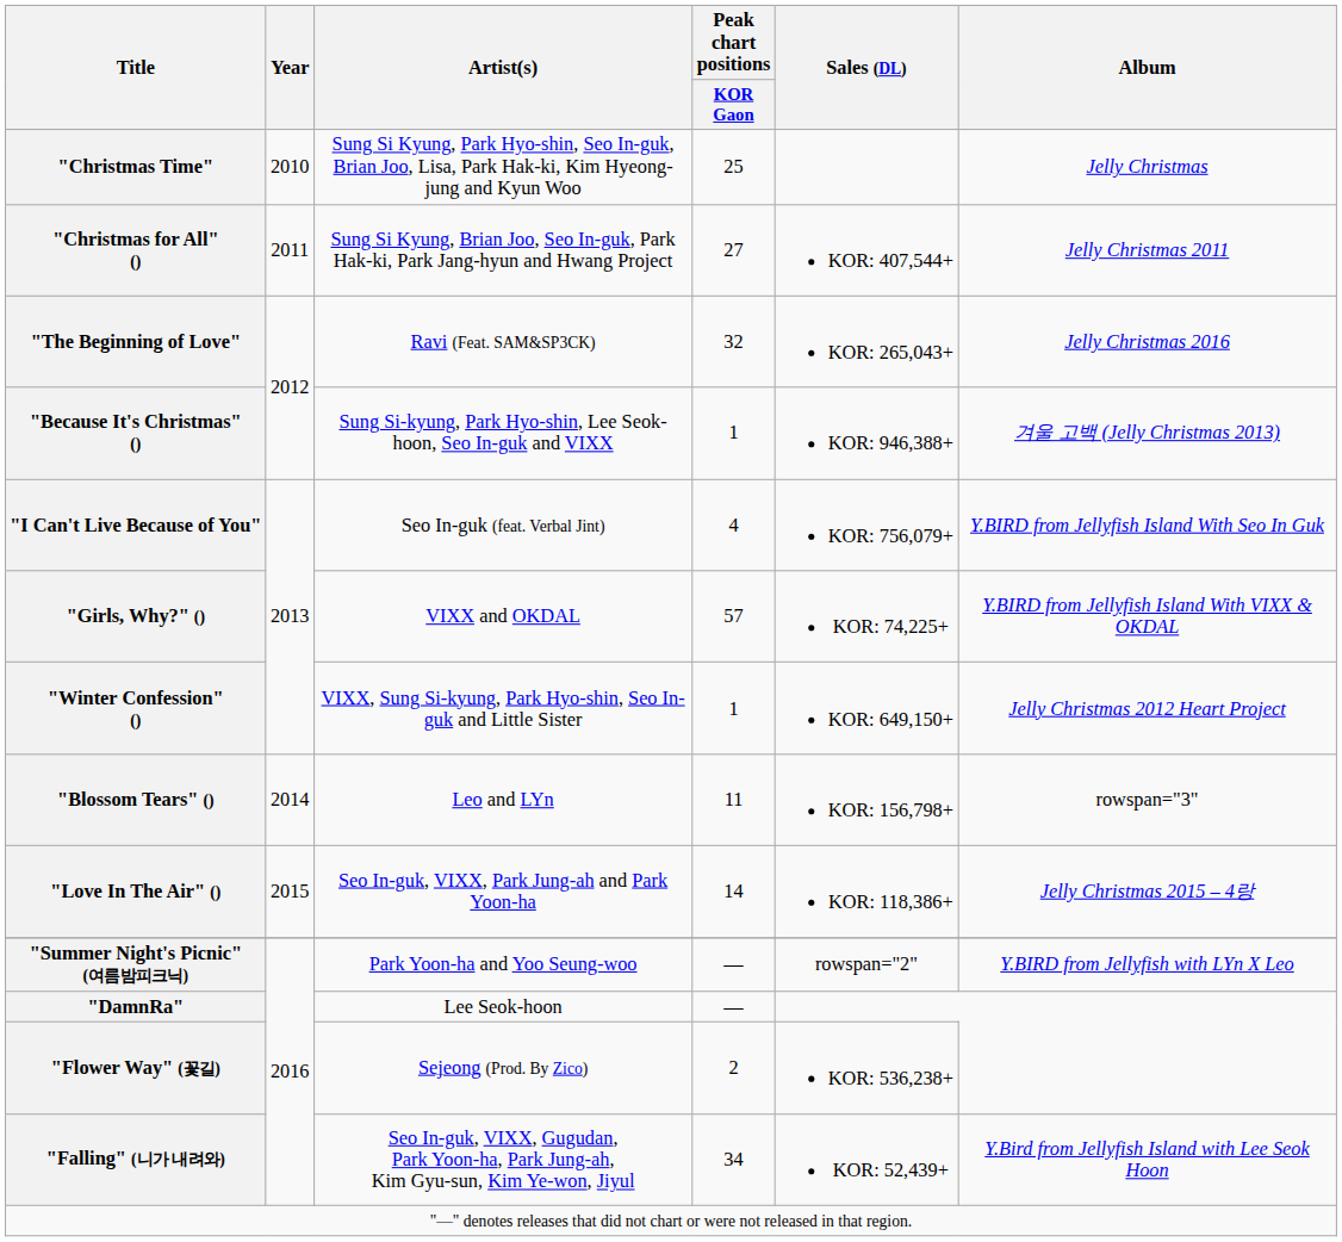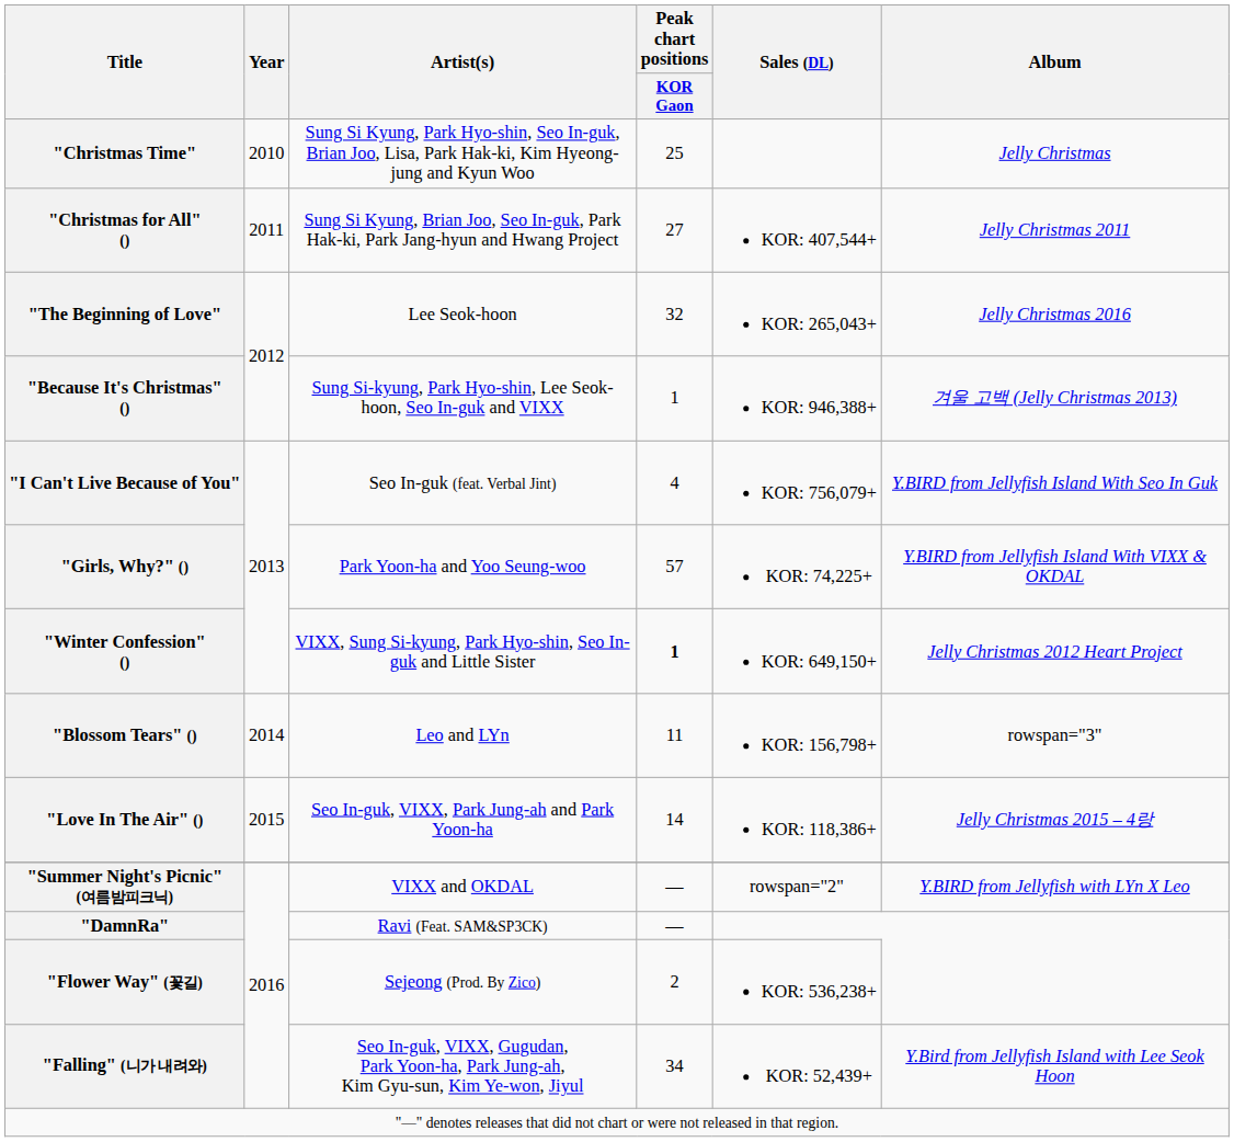 <table class="wikitable plainrowheaders" style="text-align:center;">
 <tr>
 <th scope="col" rowspan=2>Title</th>
 <th scope="col" rowspan=2>Year</th>
 <th scope="col" rowspan=2 style="width:19em;">Artist(s)</th>
 <th colspan="1" scope="col">Peak chart positions</th>
 <th scope="col" rowspan=2>Sales <small>(<a href='#'>DL</a>)</small></th>
 <th scope="col" rowspan=2 style="width:19em;">Album</th>
 </tr>
 <tr>
 <th scope="col" style="width:3em;font-size:90%;"><a href='#'>KOR<br>Gaon</a><br></th>
 </tr>
 <tr>
 <th scope=row>"Christmas Time"</th>
 <td>2010</td>
 <td><a href='#'>Sung Si Kyung</a>, <a href='#'>Park Hyo-shin</a>, <a href='#'>Seo In-guk</a>, <a href='#'>Brian Joo</a>, Lisa, Park Hak-ki, Kim Hyeong-jung and Kyun Woo</td>
 <td>25</td>
 <td></td>
 <td><em><a href='#'>Jelly Christmas</a></em></td>
 </tr>
 <tr>
 <th scope=row>"Christmas for All"<br><small>()</small></th>
 <td>2011</td>
 <td><a href='#'>Sung Si Kyung</a>, <a href='#'>Brian Joo</a>, <a href='#'>Seo In-guk</a>, Park Hak-ki, Park Jang-hyun and Hwang Project</td>
 <td>27</td>
 <td><br><ul><li>KOR: 407,544+</li></ul></td>
 <td><em><a href='#'>Jelly Christmas 2011</a></em></td>
 </tr>
 <tr>
 <th scope=row>"The Beginning of Love"</th>
 <td rowspan="2">2012</td>
-<td><a href='#'>Ravi</a> <small>(Feat. SAM&SP3CK)</small></td>
+<td>Lee Seok-hoon</td>
 <td>32</td>
 <td><br><ul><li>KOR: 265,043+</li></ul></td>
 <td><em><a href='#'>Jelly Christmas 2016</a></em></td>
 </tr>
 <tr>
 <th scope=row>"Because It's Christmas"<br><small>()</small></th>
 <td><a href='#'>Sung Si-kyung</a>, <a href='#'>Park Hyo-shin</a>, Lee Seok-hoon, <a href='#'>Seo In-guk</a> and <a href='#'>VIXX</a></td>
 <td>1</td>
 <td><br><ul><li>KOR: 946,388+</li></ul></td>
 <td><em><a href='#'>겨울 고백 (Jelly Christmas 2013)</a></em></td>
 </tr>
 <tr>
 <th scope=row>"I Can't Live Because of You"</th>
 <td rowspan="3">2013</td>
 <td>Seo In-guk  <small>(feat. Verbal Jint)</small></td>
 <td>4</td>
 <td><br><ul><li>KOR: 756,079+</li></ul></td>
 <td><em><a href='#'>Y.BIRD from Jellyfish Island With Seo In Guk</a></em></td>
 </tr>
 <tr>
 <th scope=row>"Girls, Why?" <small>()</small></th>
-<td><a href='#'>VIXX</a> and <a href='#'>OKDAL</a></td>
+<td><a href='#'>Park Yoon-ha</a> and <a href='#'>Yoo Seung-woo</a></td>
 <td>57</td>
 <td><br><ul><li>KOR: 74,225+</li></ul></td>
 <td><em><a href='#'>Y.BIRD from Jellyfish Island With VIXX & OKDAL</a></em></td>
 </tr>
 <tr>
 <th scope=row>"Winter Confession"<br><small>()</small></th>
 <td><a href='#'>VIXX</a>, <a href='#'>Sung Si-kyung</a>, <a href='#'>Park Hyo-shin</a>, <a href='#'>Seo In-guk</a> and Little Sister</td>
-<td>1</td>
+<td><strong>1</strong></td>
 <td><br><ul><li>KOR: 649,150+</li></ul></td>
 <td><em><a href='#'>Jelly Christmas 2012 Heart Project</a></em></td>
 </tr>
 <tr>
 <th scope=row>"Blossom Tears" <small>()</small></th>
 <td>2014</td>
 <td><a href='#'>Leo</a> and <a href='#'>LYn</a></td>
 <td>11</td>
 <td><br><ul><li>KOR: 156,798+</li></ul></td>
 <td>rowspan="3" </td>
 </tr>
 <tr>
 <th scope=row>"Love In The Air" <small>()</small></th>
 <td>2015</td>
 <td><a href='#'>Seo In-guk</a>, <a href='#'>VIXX</a>, <a href='#'>Park Jung-ah</a> and <a href='#'>Park Yoon-ha</a></td>
 <td>14</td>
 <td><br><ul><li>KOR: 118,386+</li></ul></td>
 <td><em><a href='#'>Jelly Christmas 2015 – 4랑</a></em></td>
 </tr>
 <tr>
 </tr>
 <tr>
 <th scope=row>"Summer Night's Picnic"<br><small>(여름밤피크닉)</small></th>
 <td rowspan="4">2016</td>
-<td><a href='#'>Park Yoon-ha</a> and <a href='#'>Yoo Seung-woo</a></td>
+<td><a href='#'>VIXX</a> and <a href='#'>OKDAL</a></td>
 <td>—</td>
 <td>rowspan="2" </td>
 <td><em><a href='#'>Y.BIRD from Jellyfish with LYn X Leo</a></em></td>
 </tr>
 <tr>
 <th scope=row>"DamnRa"</th>
-<td>Lee Seok-hoon</td>
+<td><a href='#'>Ravi</a> <small>(Feat. SAM&SP3CK)</small></td>
 <td>—</td>
 </tr>
 <tr>
 <th scope=row>"Flower Way" <small>(꽃길)</small></th>
 <td><a href='#'>Sejeong</a> <small>(Prod. By <a href='#'>Zico</a>)</small></td>
 <td>2</td>
 <td><br><ul><li>KOR: 536,238+</li></ul></td>
 </tr>
 <tr>
 <th scope=row>"Falling" <small>(니가 내려와)</small></th>
 <td><a href='#'>Seo In-guk</a>, <a href='#'>VIXX</a>, <a href='#'>Gugudan</a>,<br><a href='#'>Park Yoon-ha</a>,  <a href='#'>Park Jung-ah</a>,<br>  Kim Gyu-sun, <a href='#'>Kim Ye-won</a>, <a href='#'>Jiyul</a></td>
 <td>34</td>
 <td><br><ul><li>KOR: 52,439+</li></ul></td>
 <td><em><a href='#'>Y.Bird from Jellyfish Island with Lee Seok Hoon</a></em></td>
 </tr>
 <tr>
 <td colspan="7" align="center"><small>"—" denotes releases that did not chart or were not released in that region.</small></td>
 </tr>
 </table>
